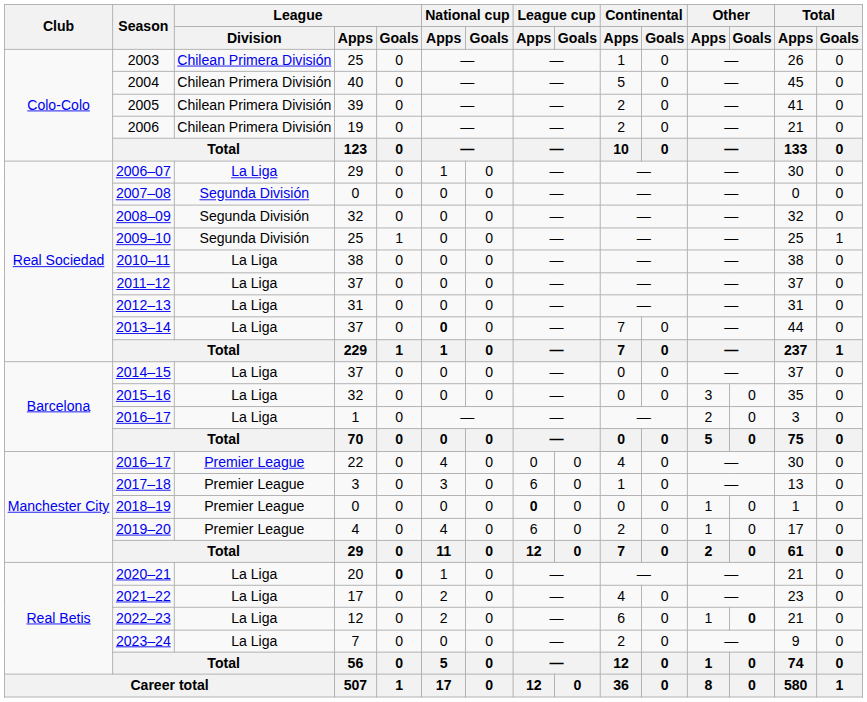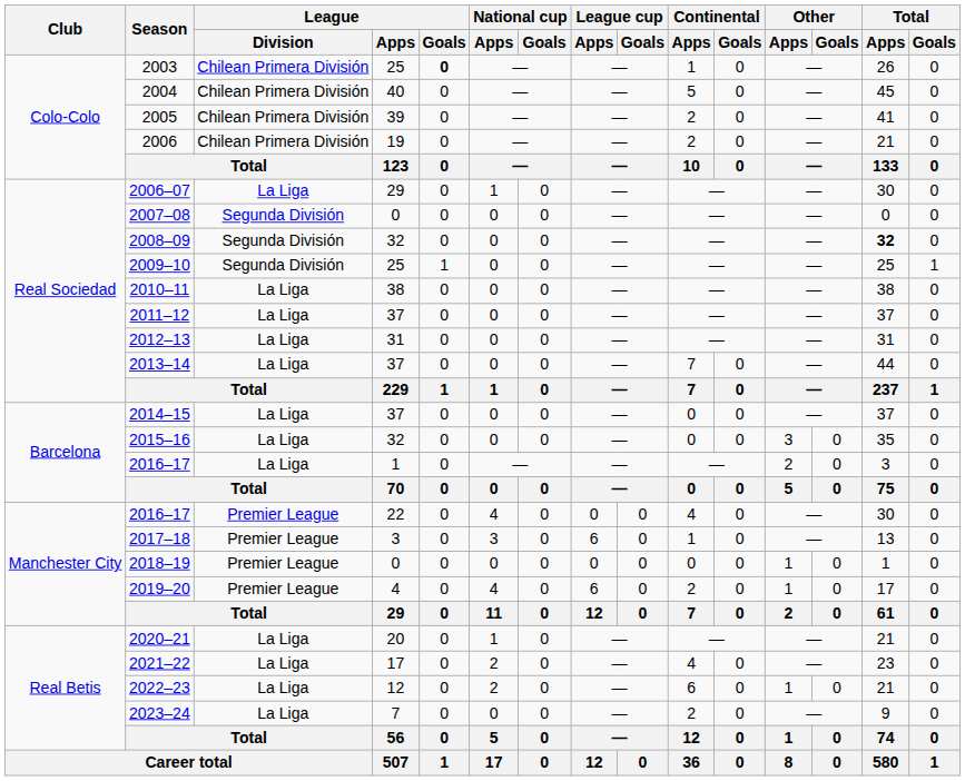 <table class=wikitable style=text-align:center>
 <tr>
 <th rowspan=2>Club</th>
 <th rowspan=2>Season</th>
 <th colspan=3>League</th>
 <th colspan=2>National cup</th>
 <th colspan=2>League cup</th>
 <th colspan=2>Continental</th>
 <th colspan=2>Other</th>
 <th colspan=2>Total</th>
 </tr>
 <tr>
 <th>Division</th>
 <th>Apps</th>
 <th>Goals</th>
 <th>Apps</th>
 <th>Goals</th>
 <th>Apps</th>
 <th>Goals</th>
 <th>Apps</th>
 <th>Goals</th>
 <th>Apps</th>
 <th>Goals</th>
 <th>Apps</th>
 <th>Goals</th>
 </tr>
 <tr>
 <td rowspan=5><a href='#'>Colo-Colo</a></td>
 <td>2003</td>
 <td><a href='#'>Chilean Primera División</a></td>
 <td>25</td>
-<td>0</td>
+<td><strong>0</strong></td>
 <td colspan=2>—</td>
 <td colspan=2>—</td>
 <td>1</td>
 <td>0</td>
 <td colspan=2>—</td>
 <td>26</td>
 <td>0</td>
 </tr>
 <tr>
 <td>2004</td>
 <td>Chilean Primera División</td>
 <td>40</td>
 <td>0</td>
 <td colspan=2>—</td>
 <td colspan=2>—</td>
 <td>5</td>
 <td>0</td>
 <td colspan=2>—</td>
 <td>45</td>
 <td>0</td>
 </tr>
 <tr>
 <td>2005</td>
 <td>Chilean Primera División</td>
 <td>39</td>
 <td>0</td>
 <td colspan=2>—</td>
 <td colspan=2>—</td>
 <td>2</td>
 <td>0</td>
 <td colspan=2>—</td>
 <td>41</td>
 <td>0</td>
 </tr>
 <tr>
 <td>2006</td>
 <td>Chilean Primera División</td>
 <td>19</td>
 <td>0</td>
 <td colspan=2>—</td>
 <td colspan=2>—</td>
 <td>2</td>
 <td>0</td>
 <td colspan=2>—</td>
 <td>21</td>
 <td>0</td>
 </tr>
 <tr>
 <th colspan=2>Total</th>
 <th>123</th>
 <th>0</th>
 <th colspan=2>—</th>
 <th colspan=2>—</th>
 <th>10</th>
 <th>0</th>
 <th colspan=2>—</th>
 <th>133</th>
 <th>0</th>
 </tr>
 <tr>
 <td rowspan=9><a href='#'>Real Sociedad</a></td>
 <td><a href='#'>2006–07</a></td>
 <td><a href='#'>La Liga</a></td>
 <td>29</td>
 <td>0</td>
 <td>1</td>
 <td>0</td>
 <td colspan=2>—</td>
 <td colspan=2>—</td>
 <td colspan=2>—</td>
 <td>30</td>
 <td>0</td>
 </tr>
 <tr>
 <td><a href='#'>2007–08</a></td>
 <td><a href='#'>Segunda División</a></td>
 <td>0</td>
 <td>0</td>
 <td>0</td>
 <td>0</td>
 <td colspan=2>—</td>
 <td colspan=2>—</td>
 <td colspan=2>—</td>
 <td>0</td>
 <td>0</td>
 </tr>
 <tr>
 <td><a href='#'>2008–09</a></td>
 <td>Segunda División</td>
 <td>32</td>
 <td>0</td>
 <td>0</td>
 <td>0</td>
 <td colspan=2>—</td>
 <td colspan=2>—</td>
 <td colspan=2>—</td>
-<td>32</td>
+<td><strong>32</strong></td>
 <td>0</td>
 </tr>
 <tr>
 <td><a href='#'>2009–10</a></td>
 <td>Segunda División</td>
 <td>25</td>
 <td>1</td>
 <td>0</td>
 <td>0</td>
 <td colspan=2>—</td>
 <td colspan=2>—</td>
 <td colspan=2>—</td>
 <td>25</td>
 <td>1</td>
 </tr>
 <tr>
 <td><a href='#'>2010–11</a></td>
 <td>La Liga</td>
 <td>38</td>
 <td>0</td>
 <td>0</td>
 <td>0</td>
 <td colspan=2>—</td>
 <td colspan=2>—</td>
 <td colspan=2>—</td>
 <td>38</td>
 <td>0</td>
 </tr>
 <tr>
 <td><a href='#'>2011–12</a></td>
 <td>La Liga</td>
 <td>37</td>
 <td>0</td>
 <td>0</td>
 <td>0</td>
 <td colspan=2>—</td>
 <td colspan=2>—</td>
 <td colspan=2>—</td>
 <td>37</td>
 <td>0</td>
 </tr>
 <tr>
 <td><a href='#'>2012–13</a></td>
 <td>La Liga</td>
 <td>31</td>
 <td>0</td>
 <td>0</td>
 <td>0</td>
 <td colspan=2>—</td>
 <td colspan=2>—</td>
 <td colspan=2>—</td>
 <td>31</td>
 <td>0</td>
 </tr>
 <tr>
 <td><a href='#'>2013–14</a></td>
 <td>La Liga</td>
 <td>37</td>
 <td>0</td>
-<td><strong>0</strong></td>
+<td>0</td>
 <td>0</td>
 <td colspan=2>—</td>
 <td>7</td>
 <td>0</td>
 <td colspan=2>—</td>
 <td>44</td>
 <td>0</td>
 </tr>
 <tr>
 <th colspan=2>Total</th>
 <th>229</th>
 <th>1</th>
 <th>1</th>
 <th>0</th>
 <th colspan=2>—</th>
 <th>7</th>
 <th>0</th>
 <th colspan=2>—</th>
 <th>237</th>
 <th>1</th>
 </tr>
 <tr>
 <td rowspan=4><a href='#'>Barcelona</a></td>
 <td><a href='#'>2014–15</a></td>
 <td>La Liga</td>
 <td>37</td>
 <td>0</td>
 <td>0</td>
 <td>0</td>
 <td colspan=2>—</td>
 <td>0</td>
 <td>0</td>
 <td colspan=2>—</td>
 <td>37</td>
 <td>0</td>
 </tr>
 <tr>
 <td><a href='#'>2015–16</a></td>
 <td>La Liga</td>
 <td>32</td>
 <td>0</td>
 <td>0</td>
 <td>0</td>
 <td colspan=2>—</td>
 <td>0</td>
 <td>0</td>
 <td>3</td>
 <td>0</td>
 <td>35</td>
 <td>0</td>
 </tr>
 <tr>
 <td><a href='#'>2016–17</a></td>
 <td>La Liga</td>
 <td>1</td>
 <td>0</td>
 <td colspan=2>—</td>
 <td colspan=2>—</td>
 <td colspan=2>—</td>
 <td>2</td>
 <td>0</td>
 <td>3</td>
 <td>0</td>
 </tr>
 <tr>
 <th colspan=2>Total</th>
 <th>70</th>
 <th>0</th>
 <th>0</th>
 <th>0</th>
 <th colspan=2>—</th>
 <th>0</th>
 <th>0</th>
 <th>5</th>
 <th>0</th>
 <th>75</th>
 <th>0</th>
 </tr>
 <tr>
 <td rowspan=5><a href='#'>Manchester City</a></td>
 <td><a href='#'>2016–17</a></td>
 <td><a href='#'>Premier League</a></td>
 <td>22</td>
 <td>0</td>
 <td>4</td>
 <td>0</td>
 <td>0</td>
 <td>0</td>
 <td>4</td>
 <td>0</td>
 <td colspan=2>—</td>
 <td>30</td>
 <td>0</td>
 </tr>
 <tr>
 <td><a href='#'>2017–18</a></td>
 <td>Premier League</td>
 <td>3</td>
 <td>0</td>
 <td>3</td>
 <td>0</td>
 <td>6</td>
 <td>0</td>
 <td>1</td>
 <td>0</td>
 <td colspan=2>—</td>
 <td>13</td>
 <td>0</td>
 </tr>
 <tr>
 <td><a href='#'>2018–19</a></td>
 <td>Premier League</td>
 <td>0</td>
 <td>0</td>
 <td>0</td>
 <td>0</td>
-<td><strong>0</strong></td>
+<td>0</td>
 <td>0</td>
 <td>0</td>
 <td>0</td>
 <td>1</td>
 <td>0</td>
 <td>1</td>
 <td>0</td>
 </tr>
 <tr>
 <td><a href='#'>2019–20</a></td>
 <td>Premier League</td>
 <td>4</td>
 <td>0</td>
 <td>4</td>
 <td>0</td>
 <td>6</td>
 <td>0</td>
 <td>2</td>
 <td>0</td>
 <td>1</td>
 <td>0</td>
 <td>17</td>
 <td>0</td>
 </tr>
 <tr>
 <th colspan=2>Total</th>
 <th>29</th>
 <th>0</th>
 <th>11</th>
 <th>0</th>
 <th>12</th>
 <th>0</th>
 <th>7</th>
 <th>0</th>
 <th>2</th>
 <th>0</th>
 <th>61</th>
 <th>0</th>
 </tr>
 <tr>
 <td rowspan=5><a href='#'>Real Betis</a></td>
 <td><a href='#'>2020–21</a></td>
 <td>La Liga</td>
 <td>20</td>
-<td><strong>0</strong></td>
+<td>0</td>
 <td>1</td>
 <td>0</td>
 <td colspan=2>—</td>
 <td colspan=2>—</td>
 <td colspan=2>—</td>
 <td>21</td>
 <td>0</td>
 </tr>
 <tr>
 <td><a href='#'>2021–22</a></td>
 <td>La Liga</td>
 <td>17</td>
 <td>0</td>
 <td>2</td>
 <td>0</td>
 <td colspan=2>—</td>
 <td>4</td>
 <td>0</td>
 <td colspan=2>—</td>
 <td>23</td>
 <td>0</td>
 </tr>
 <tr>
 <td><a href='#'>2022–23</a></td>
 <td>La Liga</td>
 <td>12</td>
 <td>0</td>
 <td>2</td>
 <td>0</td>
 <td colspan=2>—</td>
 <td>6</td>
 <td>0</td>
 <td>1</td>
-<td><strong>0</strong></td>
+<td>0</td>
 <td>21</td>
 <td>0</td>
 </tr>
 <tr>
 <td><a href='#'>2023–24</a></td>
 <td>La Liga</td>
 <td>7</td>
 <td>0</td>
 <td>0</td>
 <td>0</td>
 <td colspan=2>—</td>
 <td>2</td>
 <td>0</td>
 <td colspan=2>—</td>
 <td>9</td>
 <td>0</td>
 </tr>
 <tr>
 <th colspan=2>Total</th>
 <th>56</th>
 <th>0</th>
 <th>5</th>
 <th>0</th>
 <th colspan=2>—</th>
 <th>12</th>
 <th>0</th>
 <th>1</th>
 <th>0</th>
 <th>74</th>
 <th>0</th>
 </tr>
 <tr>
 <th colspan=3>Career total</th>
 <th>507</th>
 <th>1</th>
 <th>17</th>
 <th>0</th>
 <th>12</th>
 <th>0</th>
 <th>36</th>
 <th>0</th>
 <th>8</th>
 <th>0</th>
 <th>580</th>
 <th>1</th>
 </tr>
 </table>
